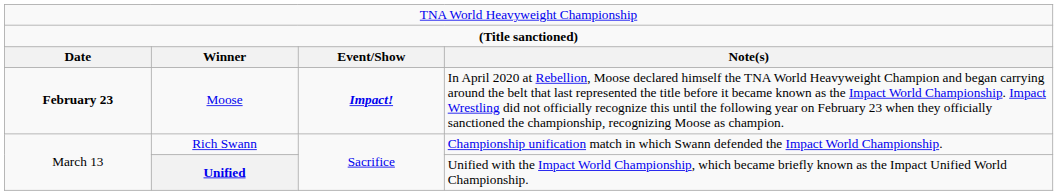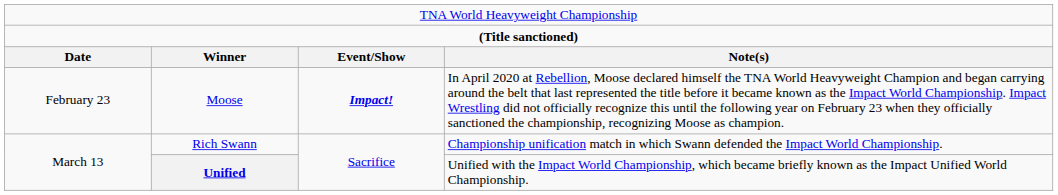 <table class="wikitable" style="text-align:center; width:100%;">
 <tr>
 <td colspan="4" style="text-align: center;"><a href='#'>TNA World Heavyweight Championship</a></td>
 </tr>
 <tr>
 <td colspan="4" style="text-align: center;"><strong>(Title sanctioned)</strong></td>
 </tr>
 <tr>
 <th width=14%>Date</th>
 <th width=14%>Winner</th>
 <th width=14%>Event/Show</th>
 <th width=58%>Note(s)</th>
 </tr>
 <tr>
-<td><strong>February 23</strong></td>
+<td>February 23</td>
 <td><a href='#'>Moose</a></td>
 <td><strong><em><a href='#'>Impact!</a></em></strong></td>
 <td align=left>In April 2020 at <a href='#'>Rebellion</a>, Moose declared himself the TNA World Heavyweight Champion and began carrying around the belt that last represented the title before it became known as the <a href='#'>Impact World Championship</a>. <a href='#'>Impact Wrestling</a> did not officially recognize this until the following year on February 23 when they officially sanctioned the championship, recognizing Moose as champion.</td>
 </tr>
 <tr>
 <td rowspan=2>March 13</td>
 <td><a href='#'>Rich Swann</a></td>
 <td rowspan=2><a href='#'>Sacrifice</a></td>
 <td align=left><a href='#'>Championship unification</a> match in which Swann defended the <a href='#'>Impact World Championship</a>.</td>
 </tr>
 <tr>
 <th><a href='#'>Unified</a></th>
 <td align=left>Unified with the <a href='#'>Impact World Championship</a>, which became briefly known as the Impact Unified World Championship.</td>
 </tr>
 </table>
